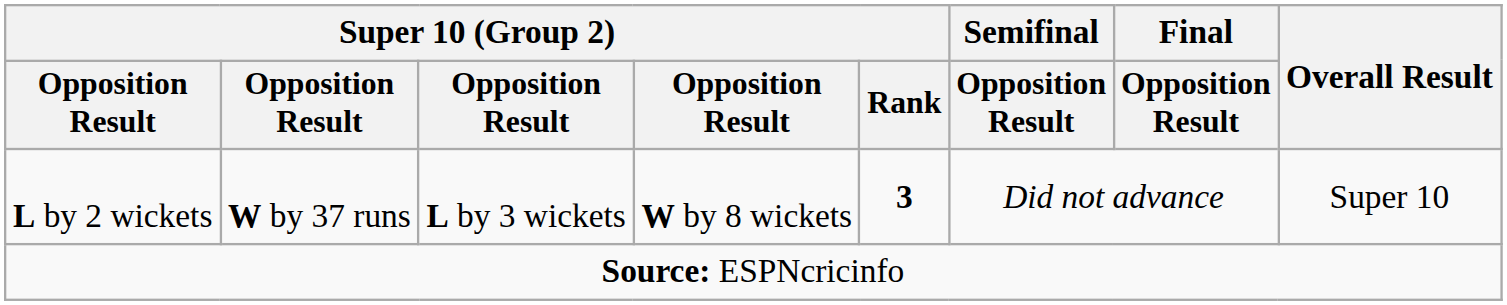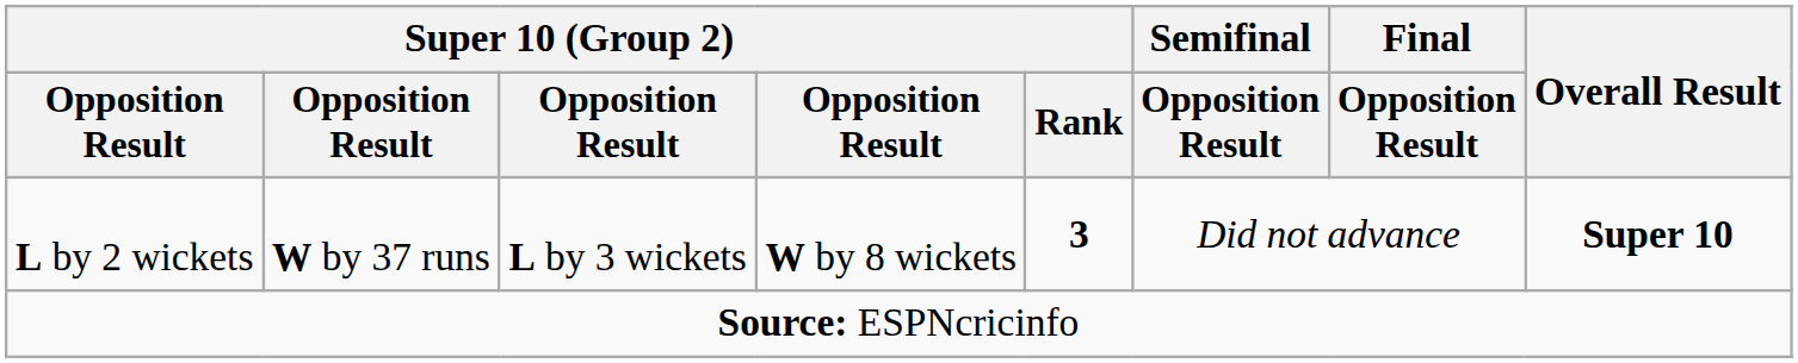 <table class=wikitable style=font-size:90%;text-align:center>
 <tr>
 <th colspan=5>Super 10 (Group 2)</th>
 <th>Semifinal</th>
 <th>Final</th>
 <th rowspan=2>Overall Result</th>
 </tr>
 <tr style=font-size:95%>
 <th>Opposition<br>Result</th>
 <th>Opposition<br>Result</th>
 <th>Opposition<br>Result</th>
 <th>Opposition<br>Result</th>
 <th>Rank</th>
 <th>Opposition<br>Result</th>
 <th>Opposition<br>Result</th>
 </tr>
 <tr>
 <td><br><strong>L</strong> by 2 wickets</td>
 <td><br><strong>W</strong> by 37 runs</td>
 <td><br><strong>L</strong> by 3 wickets</td>
 <td><br><strong>W</strong> by 8 wickets</td>
 <td><strong>3</strong></td>
 <td colspan=2><em>Did not advance</em></td>
-<td>Super 10</td>
+<td><strong>Super 10</strong></td>
 </tr>
 <tr>
 <td colspan="11"><strong>Source:</strong> ESPNcricinfo</td>
 </tr>
 </table>
